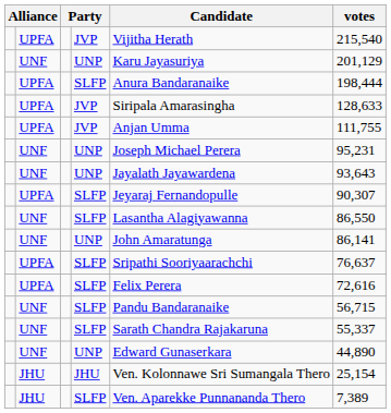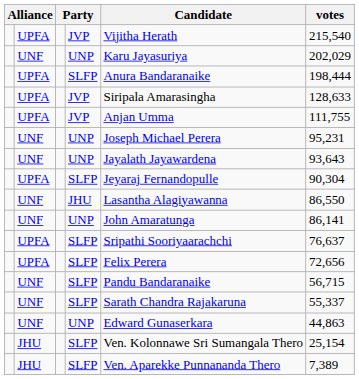 <table class="wikitable sortable mw-collapsible">
 <tr>
 <th colspan="2">Alliance</th>
 <th colspan="2">Party</th>
 <th>Candidate</th>
 <th>votes</th>
 </tr>
 <tr>
 <td bgcolor=> </td>
 <td align=left><a href='#'>UPFA</a></td>
 <td bgcolor=> </td>
 <td align=left><a href='#'>JVP</a></td>
 <td><a href='#'>Vijitha Herath</a></td>
 <td>215,540</td>
 </tr>
 <tr>
 <td bgcolor=> </td>
 <td align=left><a href='#'>UNF</a></td>
 <td bgcolor=> </td>
 <td align=left><a href='#'>UNP</a></td>
 <td><a href='#'>Karu Jayasuriya</a></td>
-<td>201,129</td>
+<td>202,029</td>
 </tr>
 <tr>
 <td bgcolor=> </td>
 <td align=left><a href='#'>UPFA</a></td>
 <td bgcolor=> </td>
 <td align=left><a href='#'>SLFP</a></td>
 <td><a href='#'>Anura Bandaranaike</a></td>
 <td>198,444</td>
 </tr>
 <tr>
 <td bgcolor=> </td>
 <td align=left><a href='#'>UPFA</a></td>
 <td bgcolor=> </td>
 <td align=left><a href='#'>JVP</a></td>
 <td>Siripala Amarasingha</td>
 <td>128,633</td>
 </tr>
 <tr>
 <td bgcolor=> </td>
 <td align=left><a href='#'>UPFA</a></td>
 <td bgcolor=> </td>
 <td align=left><a href='#'>JVP</a></td>
 <td><a href='#'>Anjan Umma</a></td>
 <td>111,755</td>
 </tr>
 <tr>
 <td bgcolor=> </td>
 <td align=left><a href='#'>UNF</a></td>
 <td bgcolor=> </td>
 <td align=left><a href='#'>UNP</a></td>
 <td><a href='#'>Joseph Michael Perera</a></td>
 <td>95,231</td>
 </tr>
 <tr>
 <td bgcolor=> </td>
 <td align=left><a href='#'>UNF</a></td>
 <td bgcolor=> </td>
 <td align=left><a href='#'>UNP</a></td>
 <td><a href='#'>Jayalath Jayawardena</a></td>
 <td>93,643</td>
 </tr>
 <tr>
 <td bgcolor=> </td>
 <td align=left><a href='#'>UPFA</a></td>
 <td bgcolor=> </td>
 <td align=left><a href='#'>SLFP</a></td>
 <td><a href='#'>Jeyaraj Fernandopulle</a></td>
-<td>90,307</td>
+<td>90,304</td>
 </tr>
 <tr>
 <td bgcolor=> </td>
 <td align=left><a href='#'>UNF</a></td>
 <td bgcolor=> </td>
-<td align=left><a href='#'>SLFP</a></td>
+<td align=left><a href='#'>JHU</a></td>
 <td><a href='#'>Lasantha Alagiyawanna</a></td>
 <td>86,550</td>
 </tr>
 <tr>
 <td bgcolor=> </td>
 <td align=left><a href='#'>UNF</a></td>
 <td bgcolor=> </td>
 <td align=left><a href='#'>UNP</a></td>
 <td><a href='#'>John Amaratunga</a></td>
 <td>86,141</td>
 </tr>
 <tr>
 <td bgcolor=> </td>
 <td align=left><a href='#'>UPFA</a></td>
 <td bgcolor=> </td>
 <td align=left><a href='#'>SLFP</a></td>
 <td><a href='#'>Sripathi Sooriyaarachchi</a></td>
 <td>76,637</td>
 </tr>
 <tr>
 <td bgcolor=> </td>
 <td align=left><a href='#'>UPFA</a></td>
 <td bgcolor=> </td>
 <td align=left><a href='#'>SLFP</a></td>
 <td><a href='#'>Felix Perera</a></td>
-<td>72,616</td>
+<td>72,656</td>
 </tr>
 <tr>
 <td bgcolor=> </td>
 <td align=left><a href='#'>UNF</a></td>
 <td bgcolor=> </td>
 <td align=left><a href='#'>SLFP</a></td>
 <td><a href='#'>Pandu Bandaranaike</a></td>
 <td>56,715</td>
 </tr>
 <tr>
 <td bgcolor=> </td>
 <td align=left><a href='#'>UNF</a></td>
 <td bgcolor=> </td>
 <td align=left><a href='#'>SLFP</a></td>
 <td><a href='#'>Sarath Chandra Rajakaruna</a></td>
 <td>55,337</td>
 </tr>
 <tr>
 <td bgcolor=> </td>
 <td align=left><a href='#'>UNF</a></td>
 <td bgcolor=> </td>
 <td align=left><a href='#'>UNP</a></td>
 <td><a href='#'>Edward Gunaserkara</a></td>
-<td>44,890</td>
+<td>44,863</td>
 </tr>
 <tr>
 <td bgcolor=> </td>
 <td align=left><a href='#'>JHU</a></td>
 <td bgcolor=> </td>
-<td align=left><a href='#'>JHU</a></td>
+<td align=left><a href='#'>SLFP</a></td>
 <td>Ven. Kolonnawe Sri Sumangala Thero</td>
 <td>25,154</td>
 </tr>
 <tr>
 <td bgcolor=> </td>
 <td align=left><a href='#'>JHU</a></td>
 <td bgcolor=> </td>
 <td align=left><a href='#'>SLFP</a></td>
 <td><a href='#'>Ven. Aparekke Punnananda Thero</a></td>
 <td>7,389</td>
 </tr>
 </table>
